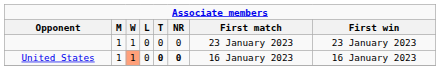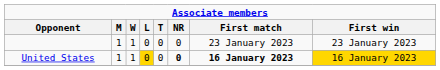 <table class="wikitable" style="text-align: center; width: 600px">
 <tr>
 <td colspan="30" style="text-align: center;"><strong><a href='#'>Associate members</a></strong></td>
 </tr>
 <tr>
 <th>Opponent</th>
 <th>M</th>
 <th>W</th>
 <th>L</th>
 <th>T</th>
 <th>NR</th>
 <th>First match</th>
 <th>First win</th>
 </tr>
 <tr>
 <td></td>
 <td>1</td>
 <td>1</td>
 <td>0</td>
 <td>0</td>
 <td>0</td>
 <td>23 January 2023</td>
 <td>23 January 2023</td>
 </tr>
 <tr>
 <td> <a href='#'>United States</a></td>
 <td>1</td>
-<td style="background: lightsalmon;">1</td>
+<td>1</td>
+<td style="background: gold;">0</td>
 <td>0</td>
 <td><strong>0</strong></td>
-<td><strong>0</strong></td>
-<td>16 January 2023</td>
-<td>16 January 2023</td>
+<td><strong>16 January 2023</strong></td>
+<td style="background: gold;">16 January 2023</td>
 </tr>
 <tr>
 </tr>
 </table>
